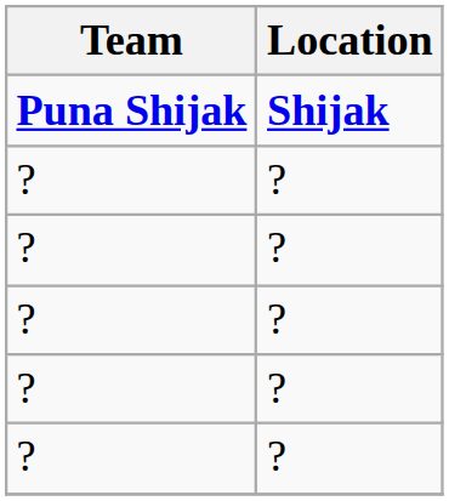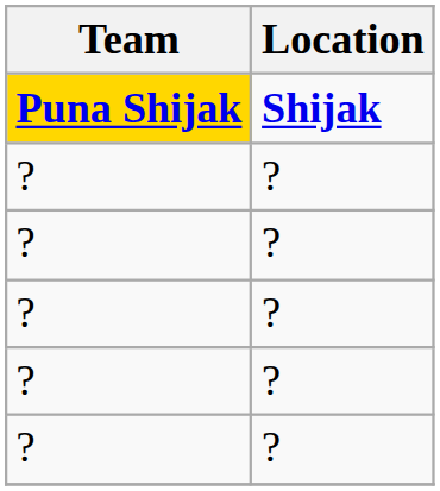 <table class="wikitable sortable">
 <tr>
 <th>Team</th>
 <th>Location</th>
 </tr>
 <tr>
-<td><strong><a href='#'>Puna Shijak</a></strong></td>
+<td style="background: gold;"><strong><a href='#'>Puna Shijak</a></strong></td>
 <td><strong><a href='#'>Shijak</a></strong></td>
 </tr>
 <tr>
 <td>?</td>
 <td>?</td>
 </tr>
 <tr>
 <td>?</td>
 <td>?</td>
 </tr>
 <tr>
 <td>?</td>
 <td>?</td>
 </tr>
 <tr>
 <td>?</td>
 <td>?</td>
 </tr>
 <tr>
 <td>?</td>
 <td>?</td>
 </tr>
 <tr>
 </tr>
 </table>
